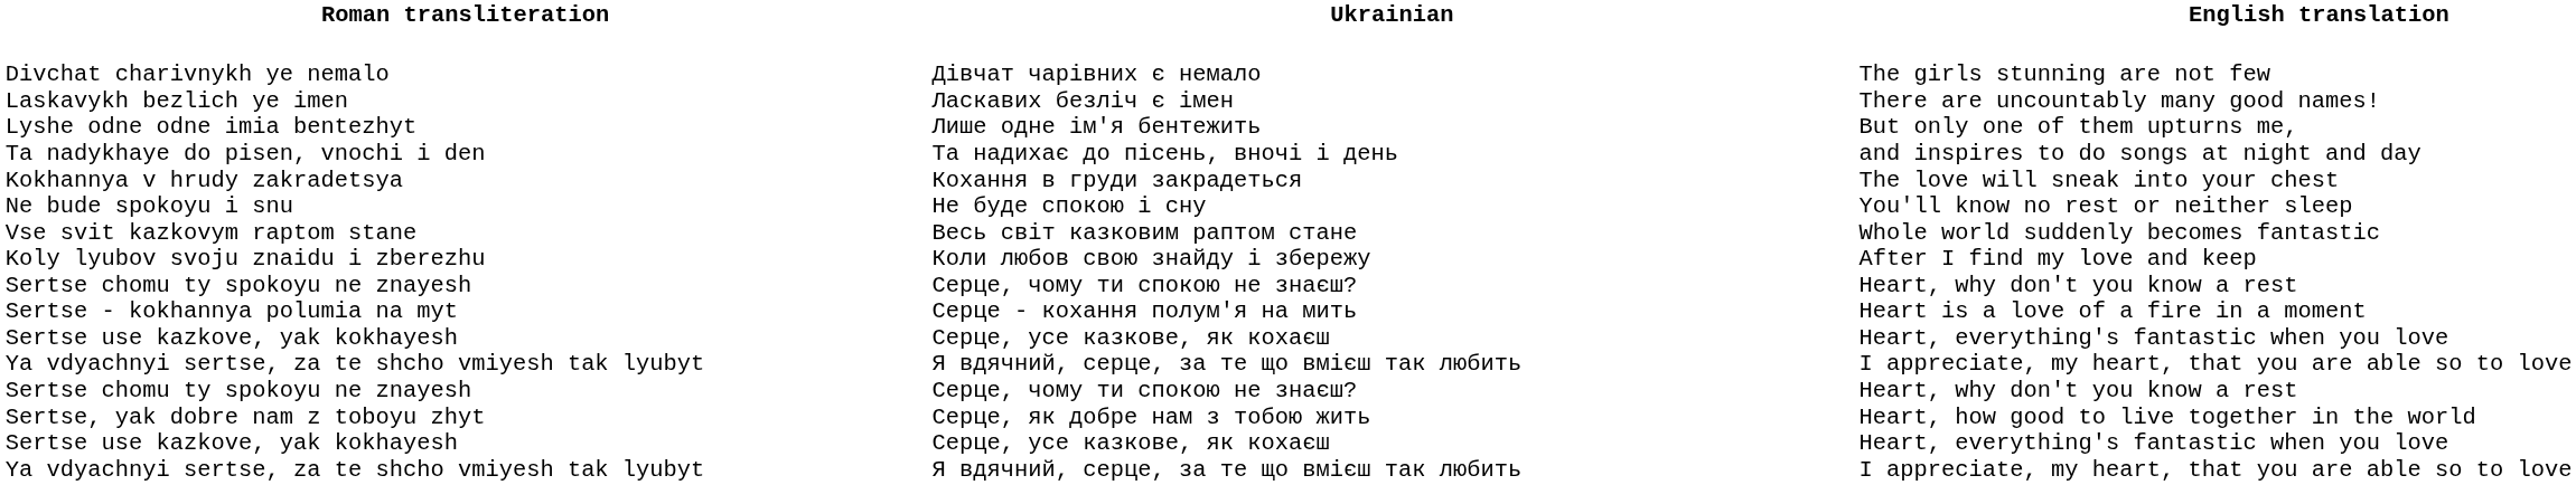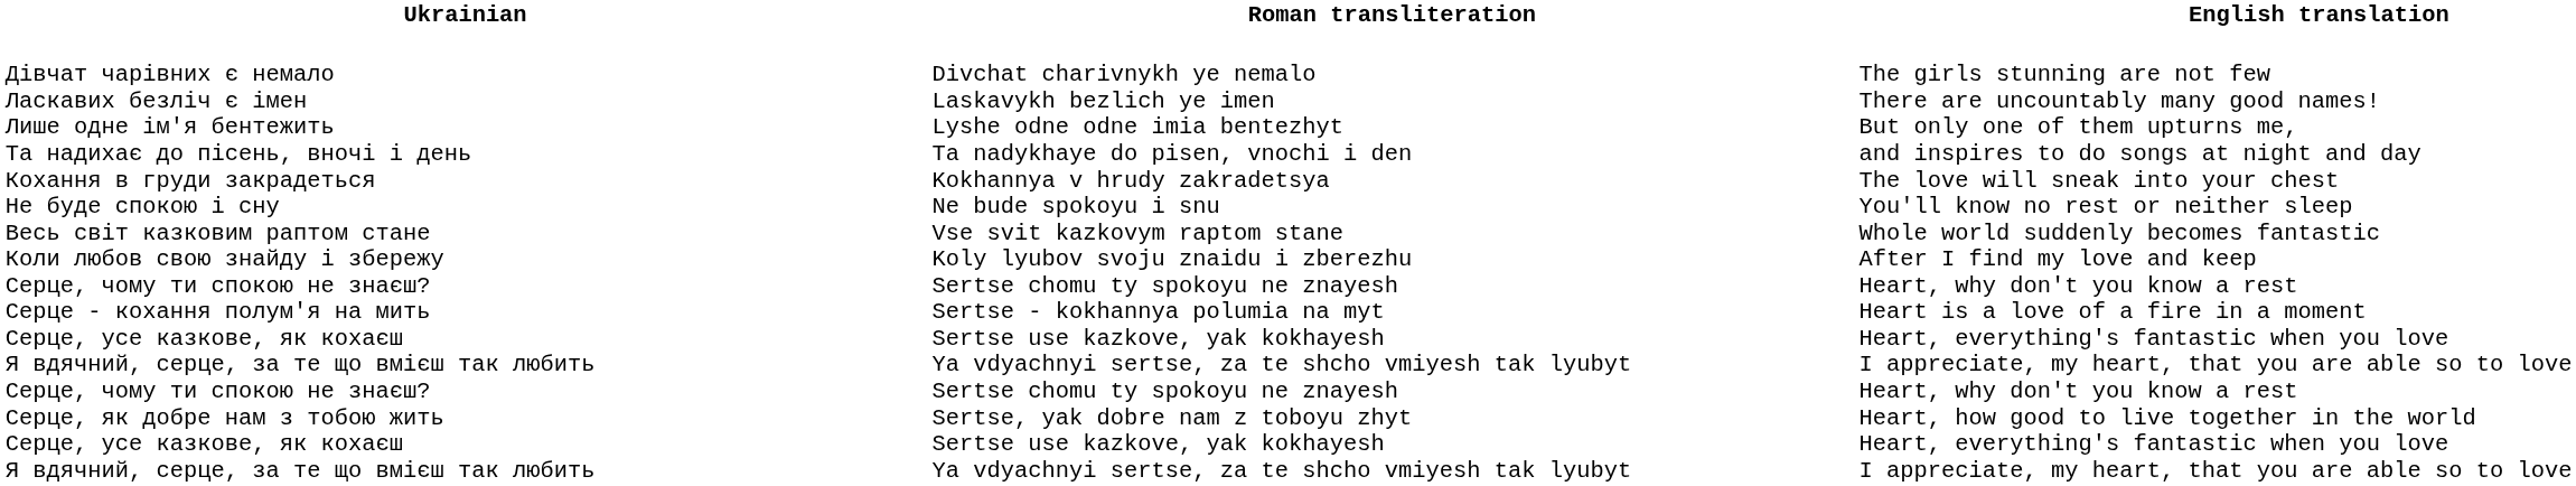 <table valign="top" width="100%">
 <tr>
+<th>Ukrainian</th>
 <th>Roman transliteration</th>
-<th>Ukrainian</th>
 <th>English translation</th>
 </tr>
 <tr>
+<td width="30%"><br>Дівчат чарівних є немало <br> Ласкавих безліч є імен <br> Лише одне ім'я бентежить <br> Та надихає до пісень, вночі і день<br>Кохання в груди закрадеться <br> Не буде спокою і сну <br> Весь світ казковим раптом стане <br> Коли любов свою знайду і збережу<br>Серце, чому ти спокою не знаєш? <br> Серце - кохання полум'я на мить <br> Серце, усе казкове, як кохаєш <br> Я вдячний, серце, за те що вмієш так любить<br>Серце, чому ти спокою не знаєш? <br> Серце, як добре нам з тобою жить <br> Серце, усе казкове, як кохаєш <br> Я вдячний, серце, за те що вмієш так любить</td>
 <td width="30%"><br>Divchat charivnykh ye nemalo <br> Laskavykh bezlich ye imen <br> Lyshe odne odne imia bentezhyt <br> Ta nadykhaye do pisen, vnochi i den<br>Kokhannya v hrudy zakradetsya <br> Ne bude spokoyu i snu <br> Vse svit kazkovym raptom stane <br> Koly lyubov svoju znaidu i zberezhu<br>Sertse chomu ty spokoyu ne znayesh <br> Sertse - kokhannya polumia na myt <br> Sertse use kazkove, yak kokhayesh <br> Ya vdyachnyi sertse, za te shcho vmiyesh tak lyubyt<br>Sertse chomu ty spokoyu ne znayesh <br> Sertse, yak dobre nam z toboyu zhyt <br> Sertse use kazkove, yak kokhayesh <br> Ya vdyachnyi sertse, za te shcho vmiyesh tak lyubyt</td>
-<td width="30%"><br>Дівчат чарівних є немало <br> Ласкавих безліч є імен <br> Лише одне ім'я бентежить <br> Та надихає до пісень, вночі і день<br>Кохання в груди закрадеться <br> Не буде спокою і сну <br> Весь світ казковим раптом стане <br> Коли любов свою знайду і збережу<br>Серце, чому ти спокою не знаєш? <br> Серце - кохання полум'я на мить <br> Серце, усе казкове, як кохаєш <br> Я вдячний, серце, за те що вмієш так любить<br>Серце, чому ти спокою не знаєш? <br> Серце, як добре нам з тобою жить <br> Серце, усе казкове, як кохаєш <br> Я вдячний, серце, за те що вмієш так любить</td>
 <td width="30%"><br>The girls stunning are not few <br> There are uncountably many good names! <br> But only one of them upturns me, <br> and inspires to do songs at night and day<br>The love will sneak into your chest <br> You'll know no rest or neither sleep <br> Whole world suddenly becomes fantastic <br> After I find my love and keep<br>Heart, why don't you know a rest <br> Heart is a love of a fire in a moment <br> Heart, everything's fantastic when you love <br> I appreciate, my heart, that you are able so to love<br>Heart, why don't you know a rest <br> Heart, how good to live together in the world  <br> Heart, everything's fantastic when you love <br> I appreciate, my heart, that you are able so to love</td>
 </tr>
 </table>
